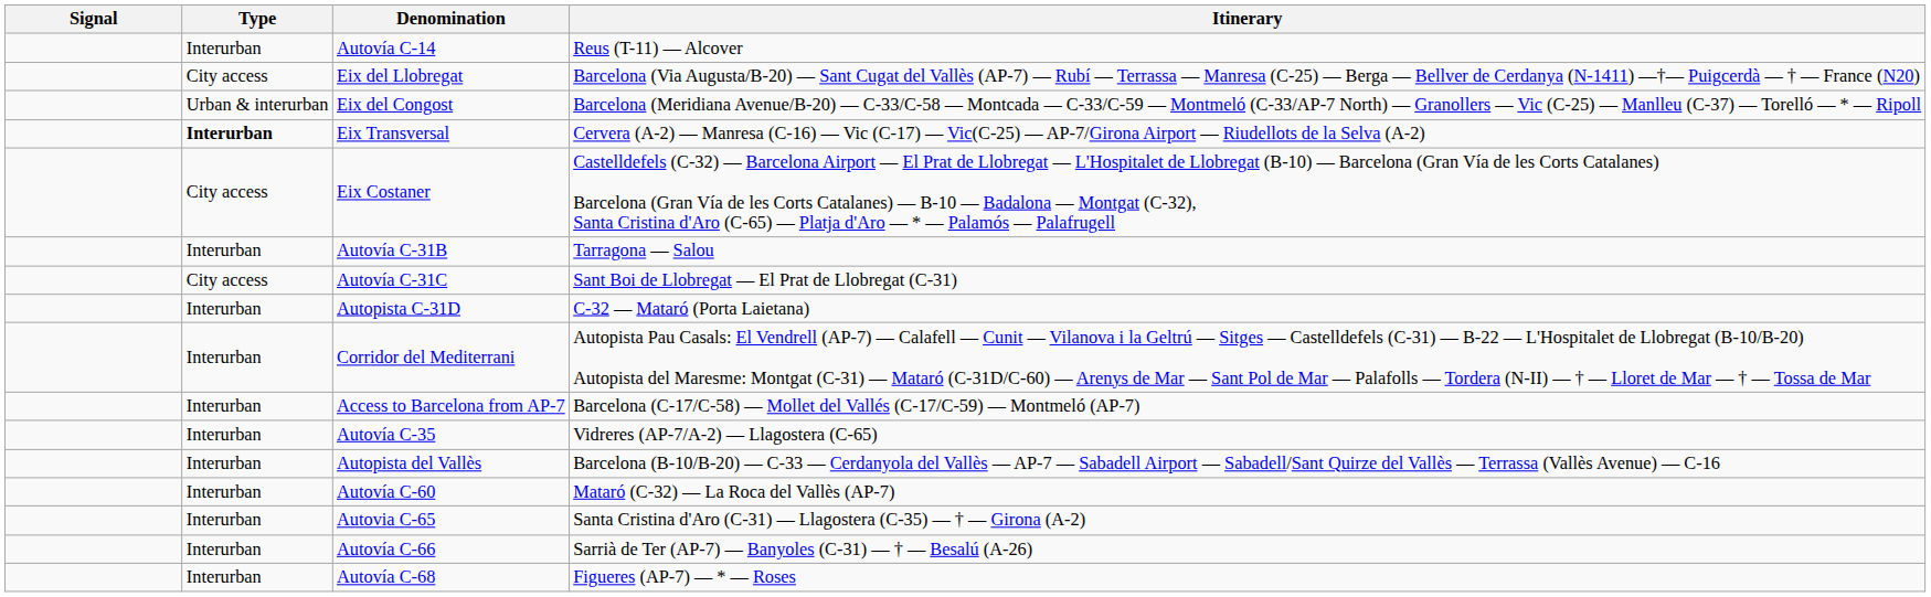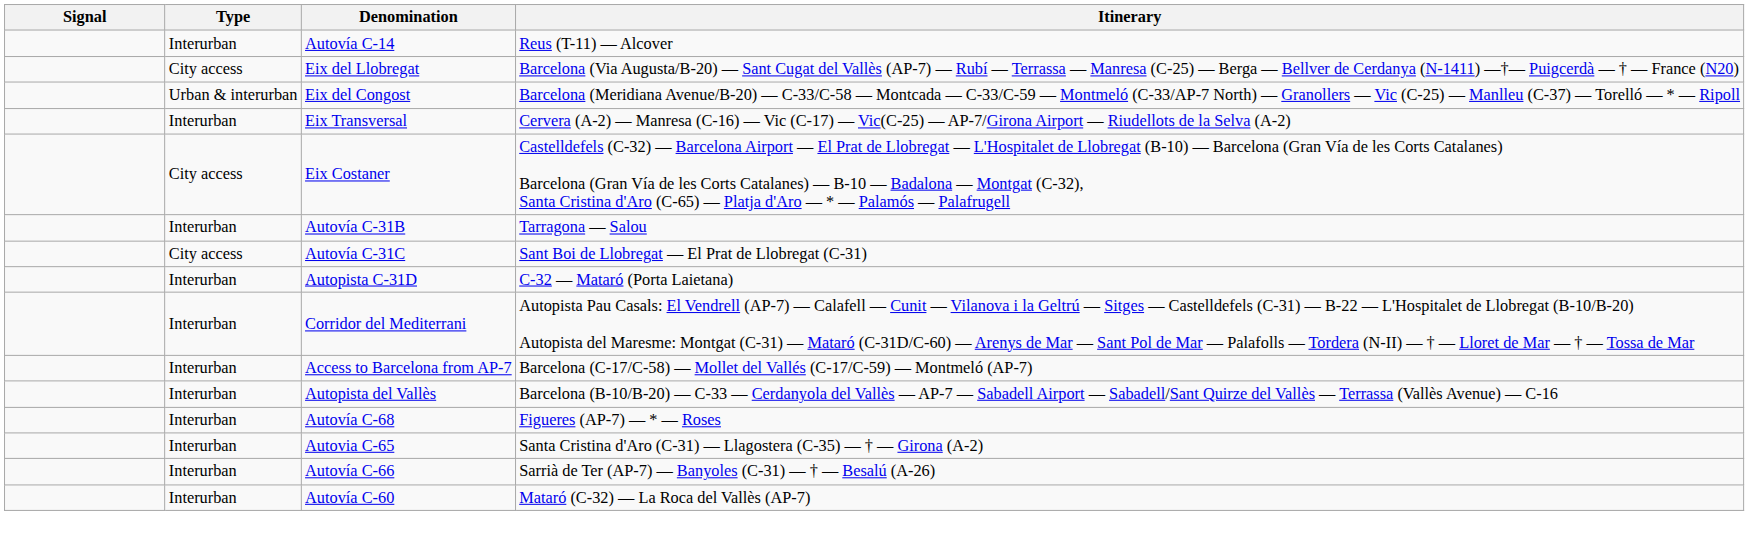 <table class="wikitable">
 <tr>
 <th width="150px">Signal</th>
 <th>Type</th>
 <th>Denomination</th>
 <th>Itinerary</th>
 </tr>
 <tr>
 <td></td>
 <td>Interurban</td>
 <td><a href='#'>Autovía C-14</a></td>
 <td><a href='#'>Reus</a> (T-11) — Alcover</td>
 </tr>
 <tr>
 <td></td>
 <td>City access</td>
 <td><a href='#'>Eix del Llobregat</a></td>
 <td><a href='#'>Barcelona</a> (Via Augusta/B-20) — <a href='#'>Sant Cugat del Vallès</a> (AP-7) — <a href='#'>Rubí</a> — <a href='#'>Terrassa</a> — <a href='#'>Manresa</a> (C-25) — Berga — <a href='#'>Bellver de Cerdanya</a> (<a href='#'>N-1411</a>) —†— <a href='#'>Puigcerdà</a> — † — France (<a href='#'>N20</a>)</td>
 </tr>
 <tr>
 <td></td>
 <td>Urban & interurban</td>
 <td><a href='#'>Eix del Congost</a></td>
 <td><a href='#'>Barcelona</a> (Meridiana Avenue/B-20) — C-33/C-58 — Montcada — C-33/C-59 — <a href='#'>Montmeló</a> (C-33/AP-7 North) — <a href='#'>Granollers</a> — <a href='#'>Vic</a> (C-25) — <a href='#'>Manlleu</a> (C-37) — Torelló — * — <a href='#'>Ripoll</a></td>
 </tr>
 <tr>
 <td></td>
-<td><strong>Interurban</strong></td>
+<td>Interurban</td>
 <td><a href='#'>Eix Transversal</a></td>
 <td><a href='#'>Cervera</a> (A-2) — Manresa (C-16) — Vic (C-17) — <a href='#'>Vic</a>(C-25) — AP-7/<a href='#'>Girona Airport</a> — <a href='#'>Riudellots de la Selva</a> (A-2)</td>
 </tr>
 <tr>
 <td></td>
 <td>City access</td>
 <td><a href='#'>Eix Costaner</a></td>
 <td><a href='#'>Castelldefels</a> (C-32) — <a href='#'>Barcelona Airport</a> — <a href='#'>El Prat de Llobregat</a> — <a href='#'>L'Hospitalet de Llobregat</a> (B-10) — Barcelona (Gran Vía de les Corts Catalanes)<br><br>Barcelona (Gran Vía de les Corts Catalanes) — B-10 — <a href='#'>Badalona</a> — <a href='#'>Montgat</a> (C-32),<br> <a href='#'>Santa Cristina d'Aro</a> (C-65) — <a href='#'>Platja d'Aro</a> — * — <a href='#'>Palamós</a> — <a href='#'>Palafrugell</a></td>
 </tr>
 <tr>
 <td></td>
 <td>Interurban</td>
 <td><a href='#'>Autovía C-31B</a></td>
 <td><a href='#'>Tarragona</a> — <a href='#'>Salou</a></td>
 </tr>
 <tr>
 <td></td>
 <td>City access</td>
 <td><a href='#'>Autovía C-31C</a></td>
 <td><a href='#'>Sant Boi de Llobregat</a> —  El Prat de Llobregat (C-31)</td>
 </tr>
 <tr>
 <td></td>
 <td>Interurban</td>
 <td><a href='#'>Autopista C-31D</a></td>
 <td><a href='#'>C-32</a> — <a href='#'>Mataró</a> (Porta Laietana)</td>
 </tr>
 <tr>
 <td></td>
 <td>Interurban</td>
 <td><a href='#'>Corridor del Mediterrani</a></td>
 <td>Autopista Pau Casals: <a href='#'>El Vendrell</a> (AP-7) — Calafell — <a href='#'>Cunit</a> — <a href='#'>Vilanova i la Geltrú</a> — <a href='#'>Sitges</a> — Castelldefels (C-31) — B-22 — L'Hospitalet de Llobregat (B-10/B-20)<br><br>Autopista del Maresme: Montgat (C-31) — <a href='#'>Mataró</a> (C-31D/C-60) — <a href='#'>Arenys de Mar</a> — <a href='#'>Sant Pol de Mar</a> — Palafolls — <a href='#'>Tordera</a> (N-II) — † — <a href='#'>Lloret de Mar</a> — † — <a href='#'>Tossa de Mar</a></td>
 </tr>
 <tr>
 <td></td>
 <td>Interurban</td>
 <td><a href='#'>Access to Barcelona from AP-7</a></td>
 <td>Barcelona (C-17/C-58) — <a href='#'>Mollet del Vallés</a> (C-17/C-59) — Montmeló (AP-7)</td>
 </tr>
 <tr>
 <td></td>
 <td>Interurban</td>
-<td><a href='#'>Autovía C-35</a></td>
-<td>Vidreres (AP-7/A-2) — Llagostera (C-65)</td>
-</tr>
-<tr>
-<td></td>
-<td>Interurban</td>
 <td><a href='#'>Autopista del Vallès</a></td>
 <td>Barcelona (B-10/B-20) — C-33 — <a href='#'>Cerdanyola del Vallès</a> — AP-7 — <a href='#'>Sabadell Airport</a> — <a href='#'>Sabadell</a>/<a href='#'>Sant Quirze del Vallès</a> — <a href='#'>Terrassa</a> (Vallès Avenue) — C-16</td>
 </tr>
 <tr>
 <td></td>
 <td>Interurban</td>
-<td><a href='#'>Autovía C-60</a></td>
-<td><a href='#'>Mataró</a> (C-32) — La Roca del Vallès (AP-7)</td>
+<td><a href='#'>Autovía C-68</a></td>
+<td><a href='#'>Figueres</a> (AP-7) — * — <a href='#'>Roses</a></td>
 </tr>
 <tr>
 <td></td>
 <td>Interurban</td>
 <td><a href='#'>Autovia C-65</a></td>
 <td>Santa Cristina d'Aro (C-31) — Llagostera (C-35) — † — <a href='#'>Girona</a> (A-2)</td>
 </tr>
 <tr>
 <td></td>
 <td>Interurban</td>
 <td><a href='#'>Autovía C-66</a></td>
 <td>Sarrià de Ter (AP-7) — <a href='#'>Banyoles</a> (C-31) — † — <a href='#'>Besalú</a> (A-26)</td>
 </tr>
 <tr>
 <td></td>
 <td>Interurban</td>
-<td><a href='#'>Autovía C-68</a></td>
-<td><a href='#'>Figueres</a> (AP-7) — * — <a href='#'>Roses</a></td>
+<td><a href='#'>Autovía C-60</a></td>
+<td><a href='#'>Mataró</a> (C-32) — La Roca del Vallès (AP-7)</td>
 </tr>
 </table>
